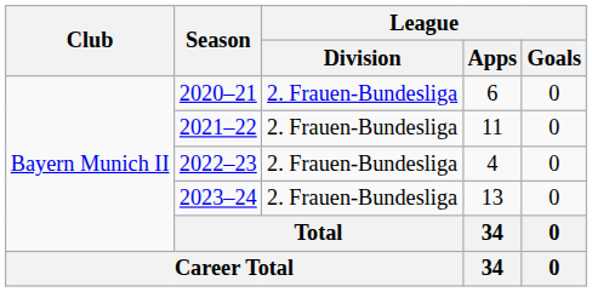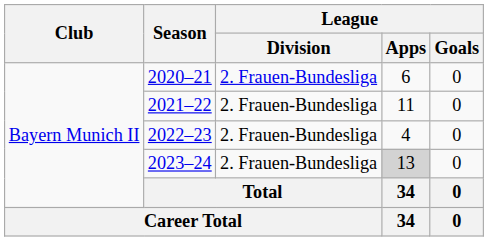 <table class="wikitable" Style="text-align: center">
 <tr>
 <th rowspan="2">Club</th>
 <th rowspan="2">Season</th>
 <th colspan="3">League</th>
 </tr>
 <tr>
 <th>Division</th>
 <th>Apps</th>
 <th>Goals</th>
 </tr>
 <tr>
 <td rowspan="5"><a href='#'>Bayern Munich II</a></td>
 <td><a href='#'>2020–21</a></td>
 <td><a href='#'>2. Frauen-Bundesliga</a></td>
 <td>6</td>
 <td>0</td>
 </tr>
 <tr>
 <td><a href='#'>2021–22</a></td>
 <td>2. Frauen-Bundesliga</td>
 <td>11</td>
 <td>0</td>
 </tr>
 <tr>
 <td><a href='#'>2022–23</a></td>
 <td>2. Frauen-Bundesliga</td>
 <td>4</td>
 <td>0</td>
 </tr>
 <tr>
 <td><a href='#'>2023–24</a></td>
 <td>2. Frauen-Bundesliga</td>
-<td>13</td>
+<td style="background: lightgrey;">13</td>
 <td>0</td>
 </tr>
 <tr>
 <th colspan="2">Total</th>
 <th>34</th>
 <th>0</th>
 </tr>
 <tr>
 <th colspan="3">Career Total</th>
 <th>34</th>
 <th>0</th>
 </tr>
 </table>
